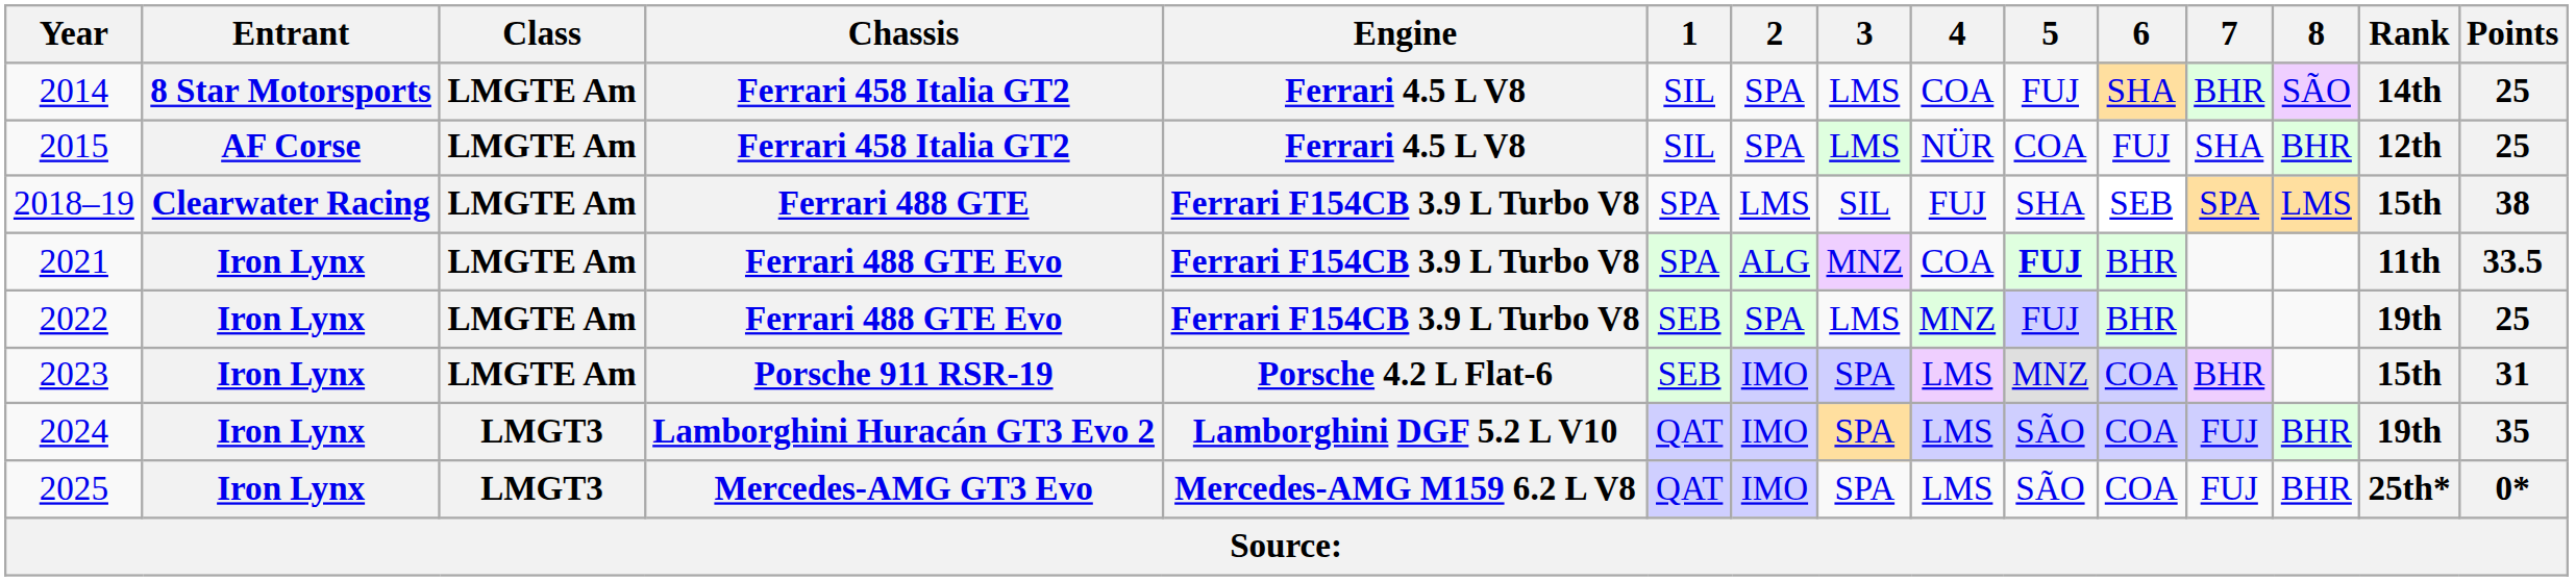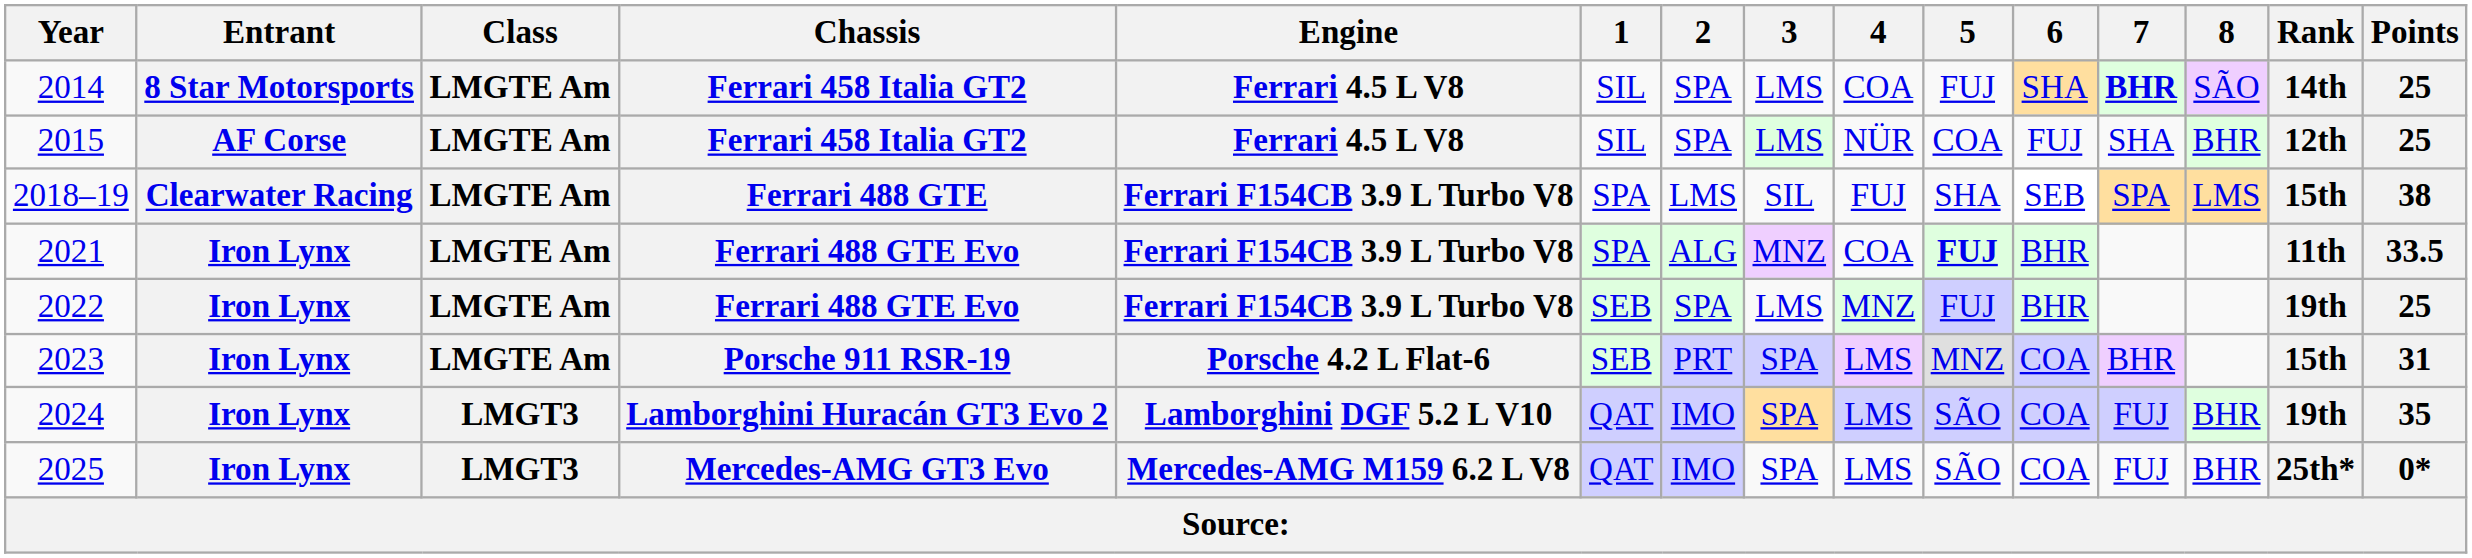 <table class="wikitable" style="text-align:center; font-size:90%">
 <tr>
 <th>Year</th>
 <th>Entrant</th>
 <th>Class</th>
 <th>Chassis</th>
 <th>Engine</th>
 <th>1</th>
 <th>2</th>
 <th>3</th>
 <th>4</th>
 <th>5</th>
 <th>6</th>
 <th>7</th>
 <th>8</th>
 <th>Rank</th>
 <th>Points</th>
 </tr>
 <tr>
 <td><a href='#'>2014</a></td>
 <th><a href='#'>8 Star Motorsports</a></th>
 <th>LMGTE Am</th>
 <th><a href='#'>Ferrari 458 Italia GT2</a></th>
 <th><a href='#'>Ferrari</a> 4.5 L V8</th>
 <td><a href='#'>SIL</a> <br></td>
 <td><a href='#'>SPA</a> <br></td>
 <td><a href='#'>LMS</a> <br></td>
 <td><a href='#'>COA</a> <br></td>
 <td><a href='#'>FUJ</a><br></td>
 <td style="background:#FFDF9F;"><a href='#'>SHA</a><br></td>
-<td style="background:#DFFFDF;"><a href='#'>BHR</a><br></td>
+<td style="background:#DFFFDF;"><strong><a href='#'>BHR</a><br></strong></td>
 <td style="background:#EFCFFF;"><a href='#'>SÃO</a><br></td>
 <th>14th</th>
 <th>25</th>
 </tr>
 <tr>
 <td><a href='#'>2015</a></td>
 <th><a href='#'>AF Corse</a></th>
 <th>LMGTE Am</th>
 <th><a href='#'>Ferrari 458 Italia GT2</a></th>
 <th><a href='#'>Ferrari</a> 4.5 L V8</th>
 <td><a href='#'>SIL</a><br></td>
 <td><a href='#'>SPA</a><br></td>
 <td style="background:#DFFFDF;"><a href='#'>LMS</a><br></td>
 <td><a href='#'>NÜR</a><br></td>
 <td><a href='#'>COA</a><br></td>
 <td><a href='#'>FUJ</a><br></td>
 <td><a href='#'>SHA</a><br></td>
 <td style="background:#DFFFDF;"><a href='#'>BHR</a><br></td>
 <th>12th</th>
 <th>25</th>
 </tr>
 <tr>
 <td><a href='#'>2018–19</a></td>
 <th><a href='#'>Clearwater Racing</a></th>
 <th>LMGTE Am</th>
 <th><a href='#'>Ferrari 488 GTE</a></th>
 <th><a href='#'>Ferrari F154CB</a> 3.9 L Turbo V8</th>
 <td><a href='#'>SPA</a><br></td>
 <td><a href='#'>LMS</a><br></td>
 <td><a href='#'>SIL</a><br></td>
 <td><a href='#'>FUJ</a><br></td>
 <td><a href='#'>SHA</a><br></td>
 <td style="background:#FFFFFF;"><a href='#'>SEB</a><br></td>
 <td style="background:#FFDF9F;"><a href='#'>SPA</a><br></td>
 <td style="background:#FFDF9F;"><a href='#'>LMS</a><br></td>
 <th>15th</th>
 <th>38</th>
 </tr>
 <tr>
 <td><a href='#'>2021</a></td>
 <th><a href='#'>Iron Lynx</a></th>
 <th>LMGTE Am</th>
 <th><a href='#'>Ferrari 488 GTE Evo</a></th>
 <th><a href='#'>Ferrari F154CB</a> 3.9 L Turbo V8</th>
 <td style="background:#DFFFDF;"><a href='#'>SPA</a><br></td>
 <td style="background:#DFFFDF;"><a href='#'>ALG</a><br></td>
 <td style="background:#EFCFFF;"><a href='#'>MNZ</a><br></td>
 <td><a href='#'>COA</a> <br></td>
 <td style="background:#DFFFDF;"><strong><a href='#'>FUJ</a><br></strong></td>
 <td style="background:#DFFFDF;"><a href='#'>BHR</a><br></td>
 <td></td>
 <td></td>
 <th>11th</th>
 <th>33.5</th>
 </tr>
 <tr>
 <td><a href='#'>2022</a></td>
 <th><a href='#'>Iron Lynx</a></th>
 <th>LMGTE Am</th>
 <th><a href='#'>Ferrari 488 GTE Evo</a></th>
 <th><a href='#'>Ferrari F154CB</a> 3.9 L Turbo V8</th>
 <td style="background:#DFFFDF;"><a href='#'>SEB</a><br></td>
 <td style="background:#DFFFDF;"><a href='#'>SPA</a><br></td>
 <td><a href='#'>LMS</a></td>
 <td style="background:#DFFFDF;"><a href='#'>MNZ</a><br></td>
 <td style="background:#CFCFFF;"><a href='#'>FUJ</a><br></td>
 <td style="background:#DFFFDF;"><a href='#'>BHR</a><br></td>
 <td></td>
 <td></td>
 <th>19th</th>
 <th>25</th>
 </tr>
 <tr>
 <td><a href='#'>2023</a></td>
 <th><a href='#'>Iron Lynx</a></th>
 <th>LMGTE Am</th>
 <th><a href='#'>Porsche 911 RSR-19</a></th>
 <th><a href='#'>Porsche</a> 4.2 L Flat-6</th>
 <td style="background:#DFFFDF;"><a href='#'>SEB</a><br></td>
-<td style="background:#CFCFFF;"><a href='#'>IMO</a><br></td>
+<td style="background:#CFCFFF;"><a href='#'>PRT</a><br></td>
 <td style="background:#CFCFFF;"><a href='#'>SPA</a><br></td>
 <td style="background:#EFCFFF;"><a href='#'>LMS</a><br></td>
 <td style="background:#DFDFDF;"><a href='#'>MNZ</a><br></td>
 <td style="background:#CFCFFF;"><a href='#'>COA</a><br></td>
 <td style="background:#EFCFFF;"><a href='#'>BHR</a><br></td>
 <td></td>
 <th>15th</th>
 <th>31</th>
 </tr>
 <tr>
 <td><a href='#'>2024</a></td>
 <th><a href='#'>Iron Lynx</a></th>
 <th>LMGT3</th>
 <th><a href='#'>Lamborghini Huracán GT3 Evo 2</a></th>
 <th><a href='#'>Lamborghini</a> <a href='#'>DGF</a> 5.2 L V10</th>
 <td style="background:#CFCFFF;"><a href='#'>QAT</a><br></td>
 <td style="background:#CFCFFF;"><a href='#'>IMO</a><br></td>
 <td style="background:#FFDF9F;"><a href='#'>SPA</a><br></td>
 <td style="background:#CFCFFF;"><a href='#'>LMS</a><br></td>
 <td style="background:#CFCFFF;"><a href='#'>SÃO</a><br></td>
 <td style="background:#CFCFFF;"><a href='#'>COA</a><br></td>
 <td style="background:#CFCFFF;"><a href='#'>FUJ</a><br></td>
 <td style="background:#DFFFDF;"><a href='#'>BHR</a><br></td>
 <th>19th</th>
 <th>35</th>
 </tr>
 <tr>
 <td><a href='#'>2025</a></td>
 <th><a href='#'>Iron Lynx</a></th>
 <th>LMGT3</th>
 <th><a href='#'>Mercedes-AMG GT3 Evo</a></th>
 <th><a href='#'>Mercedes-AMG M159</a> 6.2 L V8</th>
 <td style="background:#CFCFFF;"><a href='#'>QAT</a><br></td>
 <td style="background:#CFCFFF;"><a href='#'>IMO</a><br></td>
 <td><a href='#'>SPA</a><br></td>
 <td style="background:#;"><a href='#'>LMS</a><br></td>
 <td style="background:#;"><a href='#'>SÃO</a><br></td>
 <td style="background:#;"><a href='#'>COA</a><br></td>
 <td style="background:#;"><a href='#'>FUJ</a><br></td>
 <td style="background:#;"><a href='#'>BHR</a><br></td>
 <th>25th*</th>
 <th>0*</th>
 </tr>
 <tr>
 <th colspan="15">Source:</th>
 </tr>
 </table>
